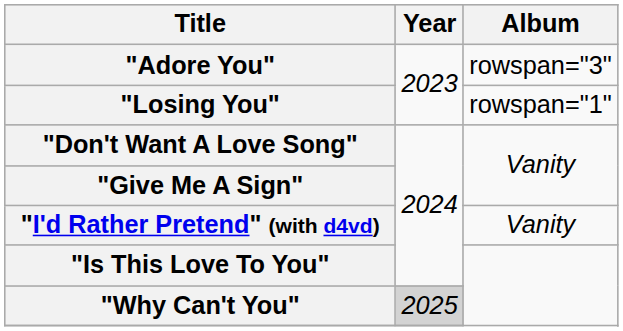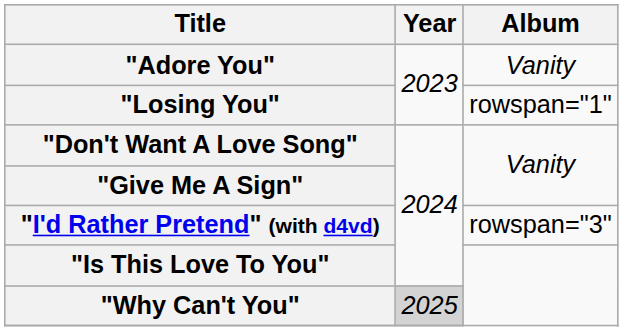 <table class="wikitable plainrowheaders" style="text-align:center;">
 <tr>
 <th scope="col" style="width:15em;">Title</th>
 <th scope="col">Year</th>
 <th scope="col">Album</th>
 </tr>
 <tr>
 <th scope="row">"Adore You"</th>
 <td rowspan="2"><em>2023</em></td>
-<td>rowspan="3" </td>
+<td rowspan="1"><em>Vanity</em></td>
 </tr>
 <tr>
 <th scope="row">"Losing You"</th>
 <td>rowspan="1" </td>
 </tr>
 <tr>
 <th scope="row">"Don't Want A Love Song"</th>
 <td rowspan="4"><em>2024</em></td>
 <td rowspan="2"><em>Vanity</em></td>
 </tr>
 <tr>
 <th scope="row">"Give Me A Sign"</th>
 </tr>
 <tr>
 <th scope="row">"<a href='#'>I'd Rather Pretend</a>" <small>(with <a href='#'>d4vd</a>)</small></th>
-<td rowspan="1"><em>Vanity</em></td>
+<td>rowspan="3" </td>
 </tr>
 <tr>
 <th scope="row">"Is This Love To You"</th>
 </tr>
 <tr>
 <th scope="row">"Why Can't You"</th>
 <td rowspan="1" style="background: lightgrey;"><em>2025</em></td>
 </tr>
 <tr>
 </tr>
 </table>
